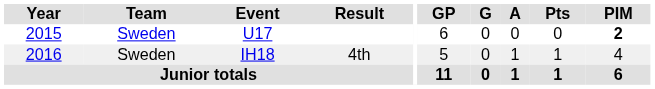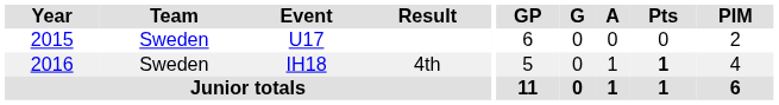 <table border="0" cellpadding="1" cellspacing="0" ID="Table3" style="text-align:center; width:40em">
 <tr ALIGN="center" bgcolor="#e0e0e0">
 <th>Year</th>
 <th>Team</th>
 <th>Event</th>
 <th>Result</th>
 <th rowspan="100" bgcolor="#ffffff"></th>
 <th>GP</th>
 <th>G</th>
 <th>A</th>
 <th>Pts</th>
 <th>PIM</th>
 </tr>
 <tr>
 <td><a href='#'>2015</a></td>
 <td><a href='#'>Sweden</a></td>
 <td><a href='#'>U17</a></td>
 <td></td>
 <td>6</td>
 <td>0</td>
 <td>0</td>
 <td>0</td>
-<td><strong>2</strong></td>
+<td>2</td>
 </tr>
 <tr bgcolor="#f0f0f0">
 <td><a href='#'>2016</a></td>
 <td>Sweden</td>
 <td><a href='#'>IH18</a></td>
 <td>4th</td>
 <td>5</td>
 <td>0</td>
 <td>1</td>
-<td>1</td>
+<td><strong>1</strong></td>
 <td>4</td>
 </tr>
 <tr bgcolor="#e0e0e0">
 <th colspan="4">Junior totals</th>
 <th>11</th>
 <th>0</th>
 <th>1</th>
 <th>1</th>
 <th>6</th>
 </tr>
 </table>
